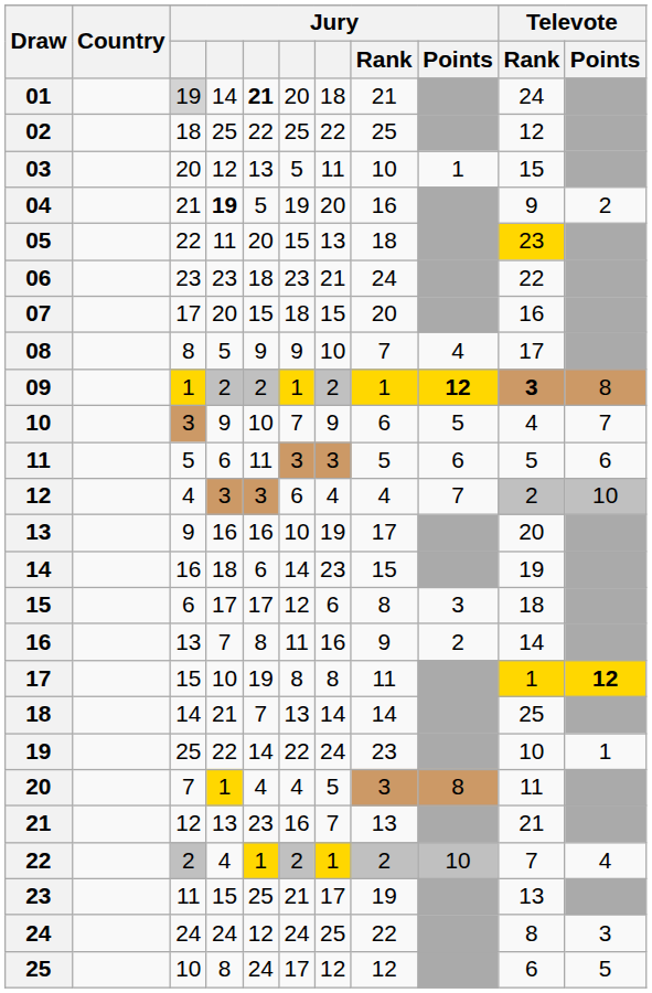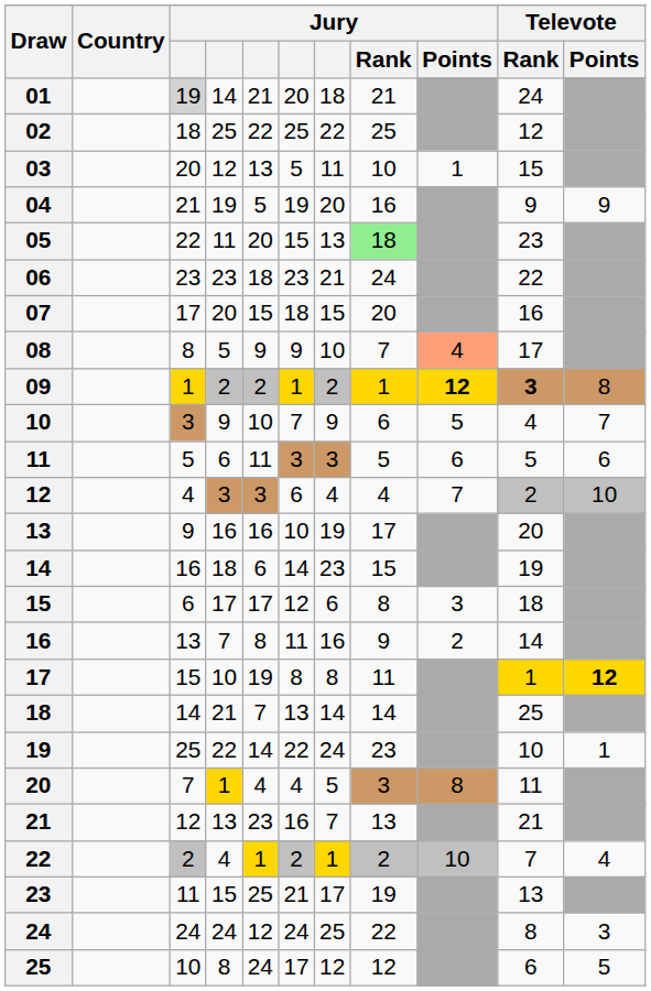 <table class="sortable wikitable collapsible plainrowheaders" style="text-align:center;">
 <tr>
 </tr>
 <tr>
 <th scope="col" rowspan="2">Draw</th>
 <th scope="col" rowspan="2">Country</th>
 <th scope="col" colspan="7">Jury</th>
 <th scope="col" colspan="2">Televote</th>
 </tr>
 <tr>
 <th scope="col"></th>
 <th scope="col"></th>
 <th scope="col"></th>
 <th scope="col"></th>
 <th scope="col"></th>
 <th scope="col">Rank</th>
 <th scope="col">Points</th>
 <th scope="col">Rank</th>
 <th scope="col">Points</th>
 </tr>
 <tr>
 <th scope="row" style="text-align:center;">01</th>
 <td style="text-align:left;"></td>
 <td style="background: lightgrey;">19</td>
 <td>14</td>
-<td><strong>21</strong></td>
+<td>21</td>
 <td>20</td>
 <td>18</td>
 <td>21</td>
 <td style="background:#AAAAAA;"></td>
 <td>24</td>
 <td style="background:#AAAAAA;"></td>
 </tr>
 <tr>
 <th scope="row" style="text-align:center;">02</th>
 <td style="text-align:left;"></td>
 <td>18</td>
 <td>25</td>
 <td>22</td>
 <td>25</td>
 <td>22</td>
 <td>25</td>
 <td style="background:#AAAAAA;"></td>
 <td>12</td>
 <td style="background:#AAAAAA;"></td>
 </tr>
 <tr>
 <th scope="row" style="text-align:center;">03</th>
 <td style="text-align:left;"></td>
 <td>20</td>
 <td>12</td>
 <td>13</td>
 <td>5</td>
 <td>11</td>
 <td>10</td>
 <td>1</td>
 <td>15</td>
 <td style="background:#AAAAAA;"></td>
 </tr>
 <tr>
 <th scope="row" style="text-align:center;">04</th>
 <td style="text-align:left;"></td>
 <td>21</td>
-<td><strong>19</strong></td>
+<td>19</td>
 <td>5</td>
 <td>19</td>
 <td>20</td>
 <td>16</td>
 <td style="background:#AAAAAA;"></td>
 <td>9</td>
-<td>2</td>
+<td>9</td>
 </tr>
 <tr>
 <th scope="row" style="text-align:center;">05</th>
 <td style="text-align:left;"></td>
 <td>22</td>
 <td>11</td>
 <td>20</td>
 <td>15</td>
 <td>13</td>
-<td>18</td>
+<td style="background: lightgreen;">18</td>
 <td style="background:#AAAAAA;"></td>
-<td style="background: gold;">23</td>
+<td>23</td>
 <td style="background:#AAAAAA;"></td>
 </tr>
 <tr>
 <th scope="row" style="text-align:center;">06</th>
 <td style="text-align:left;"></td>
 <td>23</td>
 <td>23</td>
 <td>18</td>
 <td>23</td>
 <td>21</td>
 <td>24</td>
 <td style="background:#AAAAAA;"></td>
 <td>22</td>
 <td style="background:#AAAAAA;"></td>
 </tr>
 <tr>
 <th scope="row" style="text-align:center;">07</th>
 <td style="text-align:left;"></td>
 <td>17</td>
 <td>20</td>
 <td>15</td>
 <td>18</td>
 <td>15</td>
 <td>20</td>
 <td style="background:#AAAAAA;"></td>
 <td>16</td>
 <td style="background:#AAAAAA;"></td>
 </tr>
 <tr>
 <th scope="row" style="text-align:center;">08</th>
 <td style="text-align:left;"></td>
 <td>8</td>
 <td>5</td>
 <td>9</td>
 <td>9</td>
 <td>10</td>
 <td>7</td>
-<td>4</td>
+<td style="background: lightsalmon;">4</td>
 <td>17</td>
 <td style="background:#AAAAAA;"></td>
 </tr>
 <tr>
 <th scope="row" style="text-align:center;">09</th>
 <td style="text-align:left;"></td>
 <td style="background:gold;">1</td>
 <td style="background:silver;">2</td>
 <td style="background:silver;">2</td>
 <td style="background:gold;">1</td>
 <td style="background:silver;">2</td>
 <td style="background:gold;">1</td>
 <td style="background:gold;"><strong>12</strong></td>
 <td style="background:#CC9966;"><strong>3</strong></td>
 <td style="background:#CC9966;">8</td>
 </tr>
 <tr>
 <th scope="row" style="text-align:center;">10</th>
 <td style="text-align:left;"></td>
 <td style="background:#CC9966;">3</td>
 <td>9</td>
 <td>10</td>
 <td>7</td>
 <td>9</td>
 <td>6</td>
 <td>5</td>
 <td>4</td>
 <td>7</td>
 </tr>
 <tr>
 <th scope="row" style="text-align:center;">11</th>
 <td style="text-align:left;"></td>
 <td>5</td>
 <td>6</td>
 <td>11</td>
 <td style="background:#CC9966;">3</td>
 <td style="background:#CC9966;">3</td>
 <td>5</td>
 <td>6</td>
 <td>5</td>
 <td>6</td>
 </tr>
 <tr>
 <th scope="row" style="text-align:center;">12</th>
 <td style="text-align:left;"></td>
 <td>4</td>
 <td style="background:#CC9966;">3</td>
 <td style="background:#CC9966;">3</td>
 <td>6</td>
 <td>4</td>
 <td>4</td>
 <td>7</td>
 <td style="background:silver;">2</td>
 <td style="background:silver;">10</td>
 </tr>
 <tr>
 <th scope="row" style="text-align:center;">13</th>
 <td style="text-align:left;"></td>
 <td>9</td>
 <td>16</td>
 <td>16</td>
 <td>10</td>
 <td>19</td>
 <td>17</td>
 <td style="background:#AAAAAA;"></td>
 <td>20</td>
 <td style="background:#AAAAAA;"></td>
 </tr>
 <tr>
 <th scope="row" style="text-align:center;">14</th>
 <td style="text-align:left;"></td>
 <td>16</td>
 <td>18</td>
 <td>6</td>
 <td>14</td>
 <td>23</td>
 <td>15</td>
 <td style="background:#AAAAAA;"></td>
 <td>19</td>
 <td style="background:#AAAAAA;"></td>
 </tr>
 <tr>
 <th scope="row" style="text-align:center;">15</th>
 <td style="text-align:left;"></td>
 <td>6</td>
 <td>17</td>
 <td>17</td>
 <td>12</td>
 <td>6</td>
 <td>8</td>
 <td>3</td>
 <td>18</td>
 <td style="background:#AAAAAA;"></td>
 </tr>
 <tr>
 <th scope="row" style="text-align:center;">16</th>
 <td style="text-align:left;"></td>
 <td>13</td>
 <td>7</td>
 <td>8</td>
 <td>11</td>
 <td>16</td>
 <td>9</td>
 <td>2</td>
 <td>14</td>
 <td style="background:#AAAAAA;"></td>
 </tr>
 <tr>
 <th scope="row" style="text-align:center;">17</th>
 <td style="text-align:left;"></td>
 <td>15</td>
 <td>10</td>
 <td>19</td>
 <td>8</td>
 <td>8</td>
 <td>11</td>
 <td style="background:#AAAAAA;"></td>
 <td style="background:gold;">1</td>
 <td style="background:gold;"><strong>12</strong></td>
 </tr>
 <tr>
 <th scope="row" style="text-align:center;">18</th>
 <td style="text-align:left;"></td>
 <td>14</td>
 <td>21</td>
 <td>7</td>
 <td>13</td>
 <td>14</td>
 <td>14</td>
 <td style="background:#AAAAAA;"></td>
 <td>25</td>
 <td style="background:#AAAAAA;"></td>
 </tr>
 <tr>
 <th scope="row" style="text-align:center;">19</th>
 <td style="text-align:left;"></td>
 <td>25</td>
 <td>22</td>
 <td>14</td>
 <td>22</td>
 <td>24</td>
 <td>23</td>
 <td style="background:#AAAAAA;"></td>
 <td>10</td>
 <td>1</td>
 </tr>
 <tr>
 <th scope="row" style="text-align:center;">20</th>
 <td style="text-align:left;"></td>
 <td>7</td>
 <td style="background:gold;">1</td>
 <td>4</td>
 <td>4</td>
 <td>5</td>
 <td style="background:#CC9966;">3</td>
 <td style="background:#CC9966;">8</td>
 <td>11</td>
 <td style="background:#AAAAAA;"></td>
 </tr>
 <tr>
 <th scope="row" style="text-align:center;">21</th>
 <td style="text-align:left;"></td>
 <td>12</td>
 <td>13</td>
 <td>23</td>
 <td>16</td>
 <td>7</td>
 <td>13</td>
 <td style="background:#AAAAAA;"></td>
 <td>21</td>
 <td style="background:#AAAAAA;"></td>
 </tr>
 <tr>
 <th scope="row" style="text-align:center;">22</th>
 <td style="text-align:left;"></td>
 <td style="background:silver;">2</td>
 <td>4</td>
 <td style="background:gold;">1</td>
 <td style="background:silver;">2</td>
 <td style="background:gold;">1</td>
 <td style="background:silver;">2</td>
 <td style="background:silver;">10</td>
 <td>7</td>
 <td>4</td>
 </tr>
 <tr>
 <th scope="row" style="text-align:center;">23</th>
 <td style="text-align:left;"></td>
 <td>11</td>
 <td>15</td>
 <td>25</td>
 <td>21</td>
 <td>17</td>
 <td>19</td>
 <td style="background:#AAAAAA;"></td>
 <td>13</td>
 <td style="background:#AAAAAA;"></td>
 </tr>
 <tr>
 <th scope="row" style="text-align:center;">24</th>
 <td style="text-align:left;"></td>
 <td>24</td>
 <td>24</td>
 <td>12</td>
 <td>24</td>
 <td>25</td>
 <td>22</td>
 <td style="background:#AAAAAA;"></td>
 <td>8</td>
 <td>3</td>
 </tr>
 <tr>
 <th scope="row" style="text-align:center;">25</th>
 <td style="text-align:left;"></td>
 <td>10</td>
 <td>8</td>
 <td>24</td>
 <td>17</td>
 <td>12</td>
 <td>12</td>
 <td style="background:#AAAAAA;"></td>
 <td>6</td>
 <td>5</td>
 </tr>
 </table>
